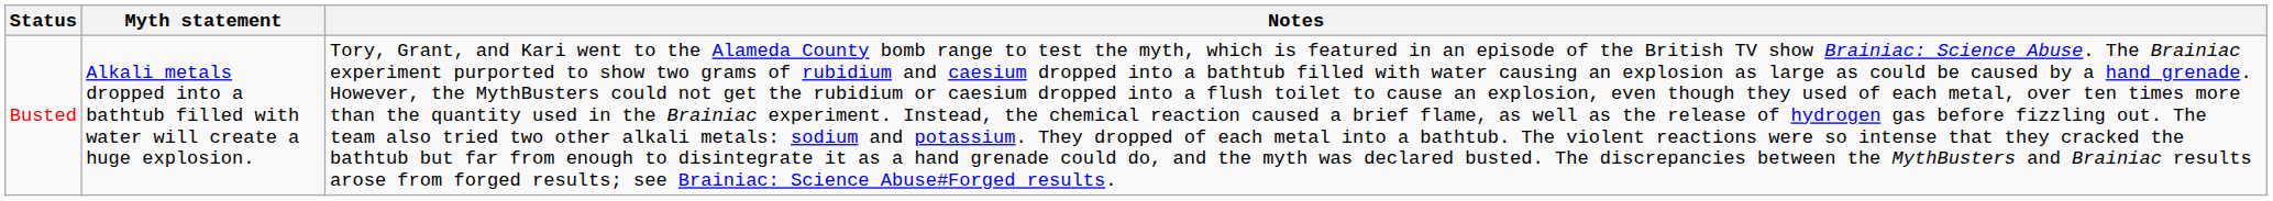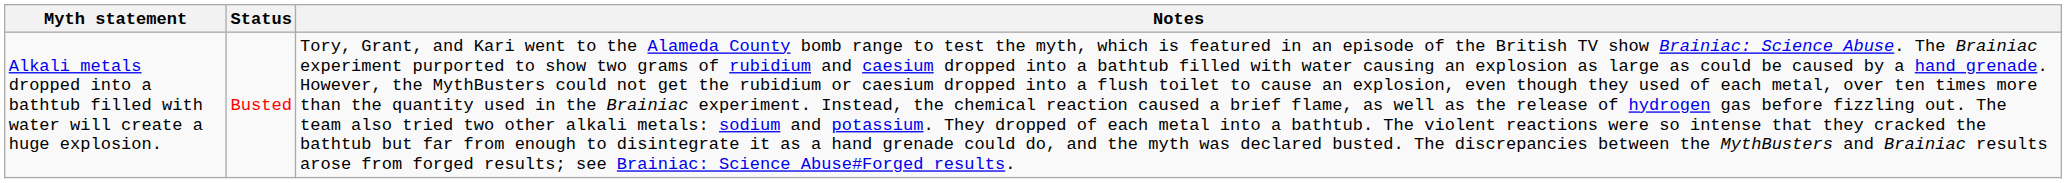 <table class="wikitable plainrowheaders">
 <tr>
+<th>Myth statement</th>
 <th>Status</th>
-<th>Myth statement</th>
 <th>Notes</th>
 </tr>
 <tr>
+<td><a href='#'>Alkali metals</a> dropped into a bathtub filled with water will create a huge explosion.</td>
 <td style="color:red">Busted</td>
-<td><a href='#'>Alkali metals</a> dropped into a bathtub filled with water will create a huge explosion.</td>
 <td>Tory, Grant, and Kari went to the <a href='#'>Alameda County</a> bomb range to test the myth, which is featured in an episode of the British TV show <em><a href='#'>Brainiac: Science Abuse</a></em>.  The <em>Brainiac</em> experiment purported to show two grams of <a href='#'>rubidium</a> and <a href='#'>caesium</a> dropped into a bathtub filled with water causing an explosion as large as could be caused by a <a href='#'>hand grenade</a>. However, the MythBusters could not get the rubidium or caesium dropped into a flush toilet to cause an explosion, even though they used  of each metal, over ten times more than the quantity used in the <em>Brainiac</em> experiment. Instead, the chemical reaction caused a brief flame, as well as the release of <a href='#'>hydrogen</a> gas before fizzling out. The team also tried two other alkali metals: <a href='#'>sodium</a> and <a href='#'>potassium</a>. They dropped  of each metal into a bathtub. The violent reactions were so intense that they cracked the bathtub but far from enough to disintegrate it as a hand grenade could do, and the myth was declared busted. The discrepancies between the <em>MythBusters</em> and <em>Brainiac</em> results arose from forged results; see <a href='#'>Brainiac: Science Abuse#Forged results</a>.</td>
 </tr>
 </table>
